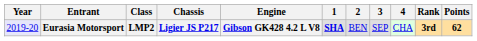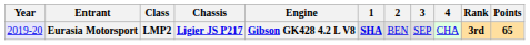 <table class="wikitable" style="text-align:center; font-size:85%">
 <tr>
 <th>Year</th>
 <th>Entrant</th>
 <th>Class</th>
 <th>Chassis</th>
 <th>Engine</th>
 <th>1</th>
 <th>2</th>
 <th>3</th>
 <th>4</th>
 <th>Rank</th>
 <th>Points</th>
 </tr>
 <tr>
 <td style="background: lavender;"><a href='#'>2019-20</a></td>
 <th nowrap>Eurasia Motorsport</th>
 <th>LMP2</th>
 <th nowrap><a href='#'>Ligier JS P217</a></th>
 <th nowrap><a href='#'>Gibson</a> GK428 4.2 L V8</th>
 <td style="background:#DFDFDF;"><a href='#'><strong>SHA</strong></a><br></td>
 <td style="background:#DFDFDF;"><a href='#'>BEN</a><br></td>
 <td style="background:#DFDFDF;"><a href='#'>SEP</a><br></td>
 <td style="background:#DFFFDF"><a href='#'>CHA</a><br></td>
 <th style="background:#FFDF9F">3rd</th>
-<th style="background:#FFDF9F">62</th>
+<th style="background:#FFDF9F">65</th>
 </tr>
 </table>
